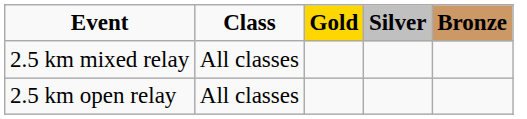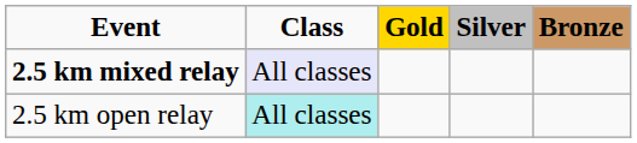 <table class="wikitable">
 <tr>
 <td align="center"><strong>Event</strong></td>
 <td align="center"><strong>Class</strong></td>
 <td style="text-align:center;background-color:gold;"><strong>Gold</strong></td>
 <td style="text-align:center;background-color:silver;"><strong>Silver</strong></td>
 <td style="text-align:center;background-color:#CC9966;"><strong>Bronze</strong></td>
 </tr>
 <tr>
-<td>2.5 km mixed relay</td>
-<td>All classes</td>
+<td><strong>2.5 km mixed relay</strong></td>
+<td style="background: lavender;">All classes</td>
 <td></td>
 <td></td>
 <td></td>
 </tr>
 <tr>
 <td>2.5 km open relay</td>
-<td>All classes</td>
+<td style="background: paleturquoise;">All classes</td>
 <td></td>
 <td></td>
 <td></td>
 </tr>
 </table>
